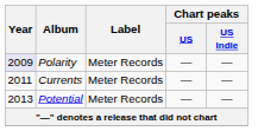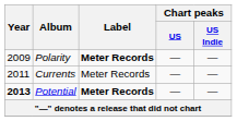 <table class="wikitable">
 <tr>
 <th rowspan="2">Year</th>
 <th rowspan="2">Album</th>
 <th rowspan="2">Label</th>
 <th colspan="2">Chart peaks</th>
 </tr>
 <tr>
 <th width="50"><small><a href='#'>US</a></small></th>
 <th width="50"><small><a href='#'>US Indie</a></small></th>
 </tr>
 <tr>
-<td style="background: lavender;">2009</td>
+<td>2009</td>
 <td><em>Polarity</em></td>
-<td>Meter Records</td>
+<td><strong>Meter Records</strong></td>
 <td align="center">—</td>
 <td align="center">—</td>
 </tr>
 <tr>
 <td>2011</td>
 <td><em>Currents</em></td>
 <td>Meter Records</td>
 <td align="center">—</td>
 <td align="center">—</td>
 </tr>
 <tr>
-<td>2013</td>
+<td><strong>2013</strong></td>
 <td><em><a href='#'>Potential</a></em></td>
-<td>Meter Records</td>
+<td><strong>Meter Records</strong></td>
 <td align="center">—</td>
 <td align="center">—</td>
 </tr>
 <tr>
 <th colspan="8"><small>"—" denotes a release that did not chart</small></th>
 </tr>
 <tr>
 </tr>
 </table>
